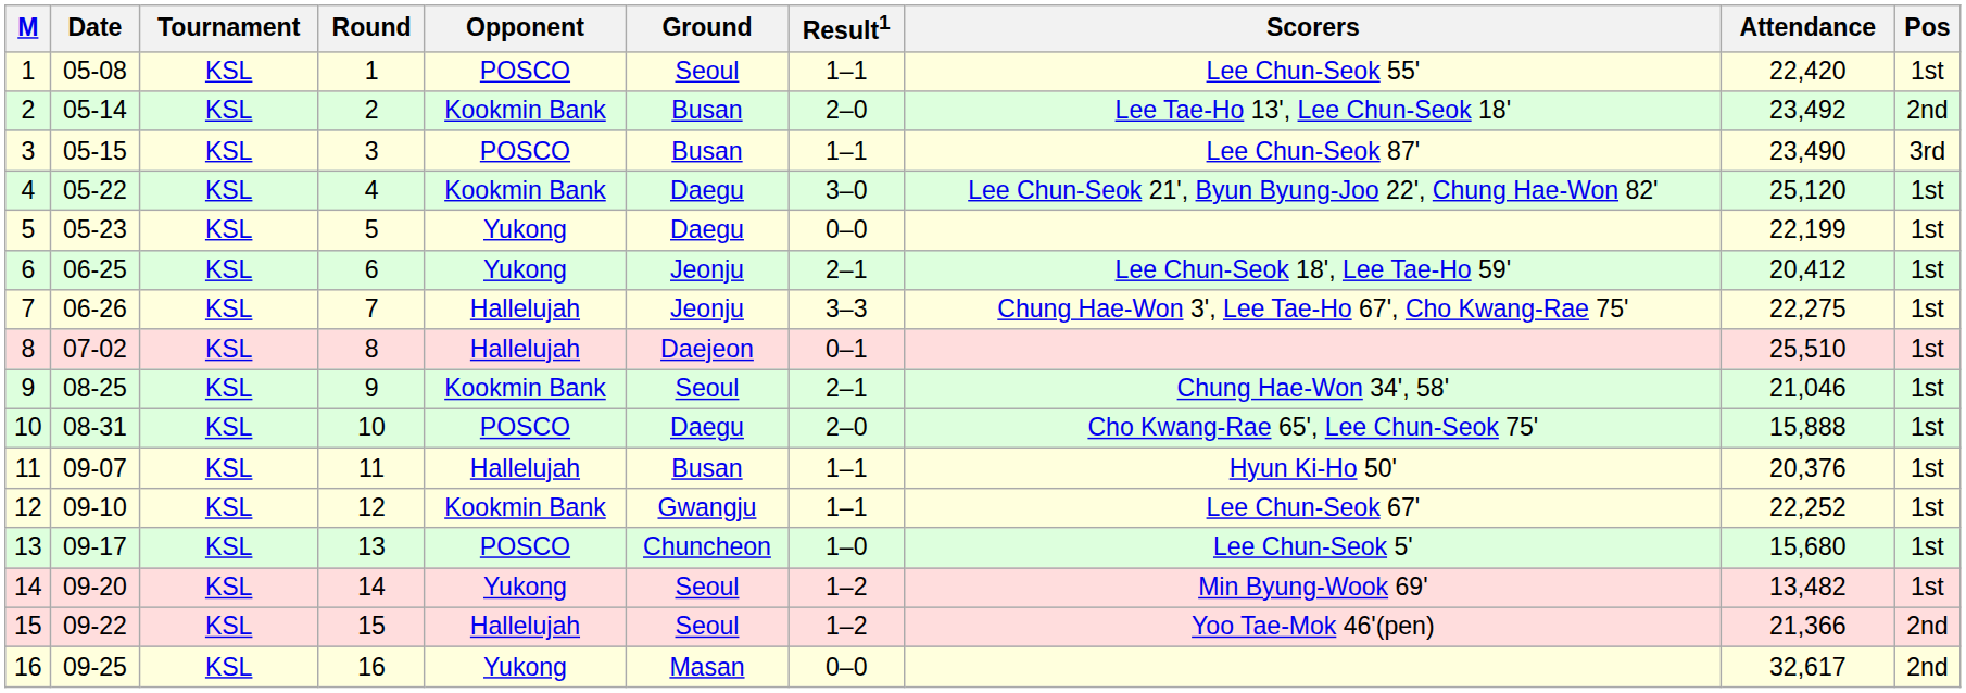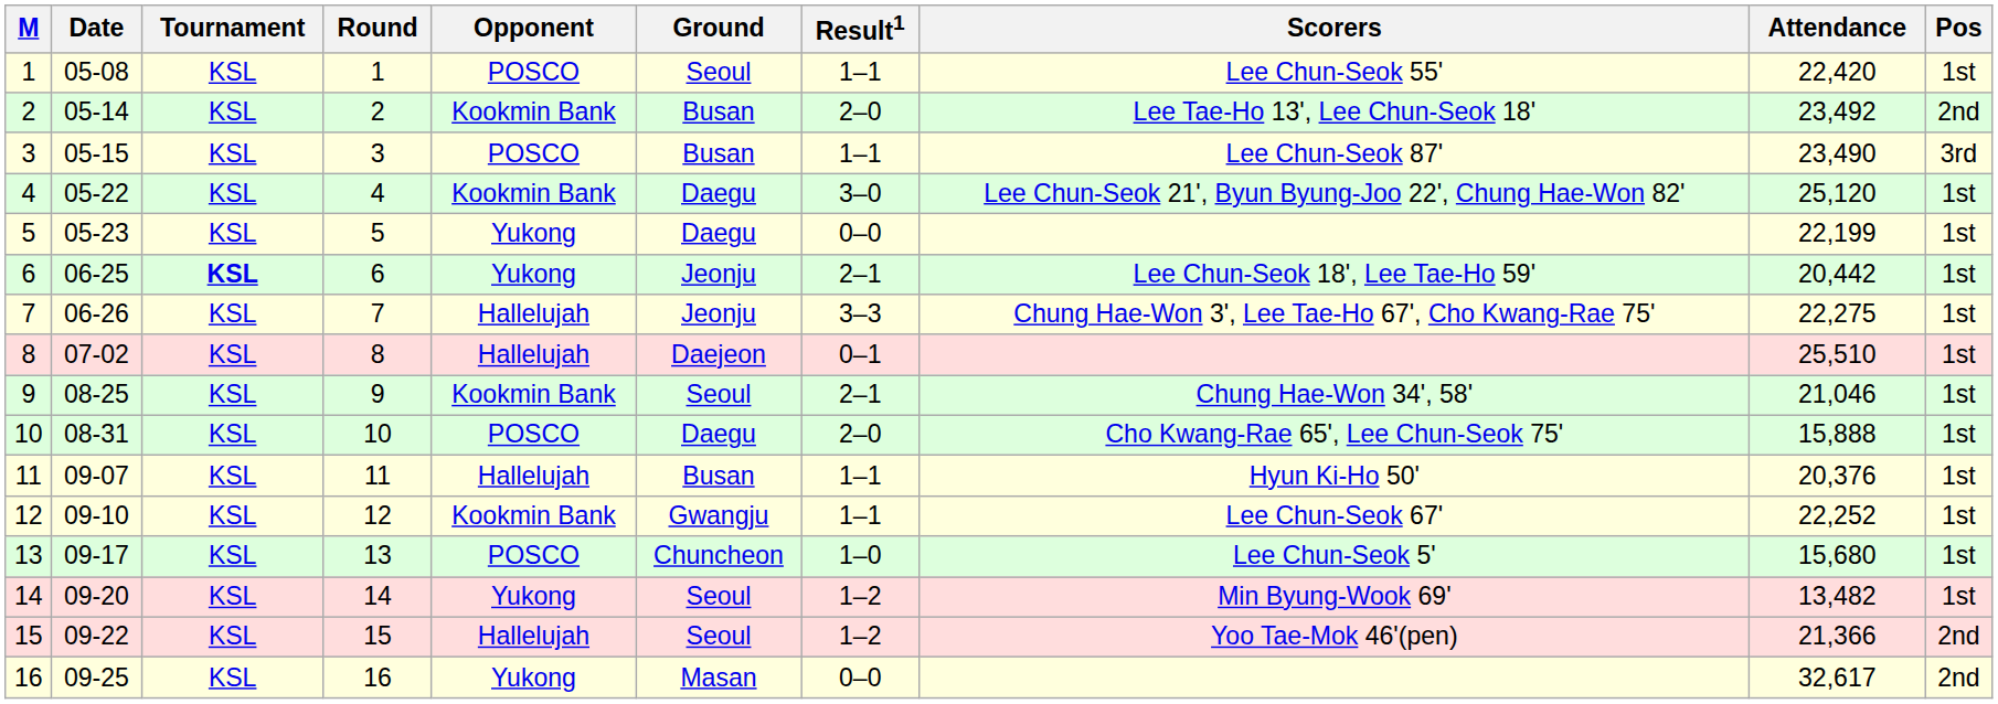 <table class="wikitable" style="text-align: center; width:99%;">
 <tr>
 <th><a href='#'>M</a></th>
 <th>Date</th>
 <th>Tournament</th>
 <th>Round</th>
 <th>Opponent</th>
 <th>Ground</th>
 <th>Result<sup>1</sup></th>
 <th>Scorers</th>
 <th>Attendance</th>
 <th>Pos</th>
 </tr>
 <tr bgcolor=#ffffdd>
 <td>1</td>
 <td>05-08</td>
 <td><a href='#'>KSL</a></td>
 <td>1</td>
 <td><a href='#'>POSCO</a></td>
 <td><a href='#'>Seoul</a></td>
 <td>1–1</td>
 <td><a href='#'>Lee Chun-Seok</a> 55'</td>
 <td>22,420</td>
 <td>1st</td>
 </tr>
 <tr bgcolor=#ddffdd>
 <td>2</td>
 <td>05-14</td>
 <td><a href='#'>KSL</a></td>
 <td>2</td>
 <td><a href='#'>Kookmin Bank</a></td>
 <td><a href='#'>Busan</a></td>
 <td>2–0</td>
 <td><a href='#'>Lee Tae-Ho</a> 13', <a href='#'>Lee Chun-Seok</a> 18'</td>
 <td>23,492</td>
 <td>2nd</td>
 </tr>
 <tr bgcolor=#ffffdd>
 <td>3</td>
 <td>05-15</td>
 <td><a href='#'>KSL</a></td>
 <td>3</td>
 <td><a href='#'>POSCO</a></td>
 <td><a href='#'>Busan</a></td>
 <td>1–1</td>
 <td><a href='#'>Lee Chun-Seok</a> 87'</td>
 <td>23,490</td>
 <td>3rd</td>
 </tr>
 <tr bgcolor=#ddffdd>
 <td>4</td>
 <td>05-22</td>
 <td><a href='#'>KSL</a></td>
 <td>4</td>
 <td><a href='#'>Kookmin Bank</a></td>
 <td><a href='#'>Daegu</a></td>
 <td>3–0</td>
 <td><a href='#'>Lee Chun-Seok</a> 21', <a href='#'>Byun Byung-Joo</a> 22', <a href='#'>Chung Hae-Won</a> 82'</td>
 <td>25,120</td>
 <td>1st</td>
 </tr>
 <tr bgcolor=#ffffdd>
 <td>5</td>
 <td>05-23</td>
 <td><a href='#'>KSL</a></td>
 <td>5</td>
 <td><a href='#'>Yukong</a></td>
 <td><a href='#'>Daegu</a></td>
 <td>0–0</td>
 <td></td>
 <td>22,199</td>
 <td>1st</td>
 </tr>
 <tr bgcolor=#ddffdd>
 <td>6</td>
 <td>06-25</td>
-<td><a href='#'>KSL</a></td>
+<td><strong><a href='#'>KSL</a></strong></td>
 <td>6</td>
 <td><a href='#'>Yukong</a></td>
 <td><a href='#'>Jeonju</a></td>
 <td>2–1</td>
 <td><a href='#'>Lee Chun-Seok</a> 18', <a href='#'>Lee Tae-Ho</a> 59'</td>
-<td>20,412</td>
+<td>20,442</td>
 <td>1st</td>
 </tr>
 <tr bgcolor=#ffffdd>
 <td>7</td>
 <td>06-26</td>
 <td><a href='#'>KSL</a></td>
 <td>7</td>
 <td><a href='#'>Hallelujah</a></td>
 <td><a href='#'>Jeonju</a></td>
 <td>3–3</td>
 <td><a href='#'>Chung Hae-Won</a> 3', <a href='#'>Lee Tae-Ho</a> 67', <a href='#'>Cho Kwang-Rae</a> 75'</td>
 <td>22,275</td>
 <td>1st</td>
 </tr>
 <tr bgcolor=#ffdddd>
 <td>8</td>
 <td>07-02</td>
 <td><a href='#'>KSL</a></td>
 <td>8</td>
 <td><a href='#'>Hallelujah</a></td>
 <td><a href='#'>Daejeon</a></td>
 <td>0–1</td>
 <td></td>
 <td>25,510</td>
 <td>1st</td>
 </tr>
 <tr bgcolor=#ddffdd>
 <td>9</td>
 <td>08-25</td>
 <td><a href='#'>KSL</a></td>
 <td>9</td>
 <td><a href='#'>Kookmin Bank</a></td>
 <td><a href='#'>Seoul</a></td>
 <td>2–1</td>
 <td><a href='#'>Chung Hae-Won</a> 34', 58'</td>
 <td>21,046</td>
 <td>1st</td>
 </tr>
 <tr bgcolor=#ddffdd>
 <td>10</td>
 <td>08-31</td>
 <td><a href='#'>KSL</a></td>
 <td>10</td>
 <td><a href='#'>POSCO</a></td>
 <td><a href='#'>Daegu</a></td>
 <td>2–0</td>
 <td><a href='#'>Cho Kwang-Rae</a> 65', <a href='#'>Lee Chun-Seok</a> 75'</td>
 <td>15,888</td>
 <td>1st</td>
 </tr>
 <tr bgcolor=#ffffdd>
 <td>11</td>
 <td>09-07</td>
 <td><a href='#'>KSL</a></td>
 <td>11</td>
 <td><a href='#'>Hallelujah</a></td>
 <td><a href='#'>Busan</a></td>
 <td>1–1</td>
 <td><a href='#'>Hyun Ki-Ho</a> 50'</td>
 <td>20,376</td>
 <td>1st</td>
 </tr>
 <tr bgcolor=#ffffdd>
 <td>12</td>
 <td>09-10</td>
 <td><a href='#'>KSL</a></td>
 <td>12</td>
 <td><a href='#'>Kookmin Bank</a></td>
 <td><a href='#'>Gwangju</a></td>
 <td>1–1</td>
 <td><a href='#'>Lee Chun-Seok</a> 67'</td>
 <td>22,252</td>
 <td>1st</td>
 </tr>
 <tr bgcolor=#ddffdd>
 <td>13</td>
 <td>09-17</td>
 <td><a href='#'>KSL</a></td>
 <td>13</td>
 <td><a href='#'>POSCO</a></td>
 <td><a href='#'>Chuncheon</a></td>
 <td>1–0</td>
 <td><a href='#'>Lee Chun-Seok</a> 5'</td>
 <td>15,680</td>
 <td>1st</td>
 </tr>
 <tr bgcolor=#ffdddd>
 <td>14</td>
 <td>09-20</td>
 <td><a href='#'>KSL</a></td>
 <td>14</td>
 <td><a href='#'>Yukong</a></td>
 <td><a href='#'>Seoul</a></td>
 <td>1–2</td>
 <td><a href='#'>Min Byung-Wook</a> 69'</td>
 <td>13,482</td>
 <td>1st</td>
 </tr>
 <tr bgcolor=#ffdddd>
 <td>15</td>
 <td>09-22</td>
 <td><a href='#'>KSL</a></td>
 <td>15</td>
 <td><a href='#'>Hallelujah</a></td>
 <td><a href='#'>Seoul</a></td>
 <td>1–2</td>
 <td><a href='#'>Yoo Tae-Mok</a> 46'(pen)</td>
 <td>21,366</td>
 <td>2nd</td>
 </tr>
 <tr bgcolor=#ffffdd>
 <td>16</td>
 <td>09-25</td>
 <td><a href='#'>KSL</a></td>
 <td>16</td>
 <td><a href='#'>Yukong</a></td>
 <td><a href='#'>Masan</a></td>
 <td>0–0</td>
 <td></td>
 <td>32,617</td>
 <td>2nd</td>
 </tr>
 </table>
